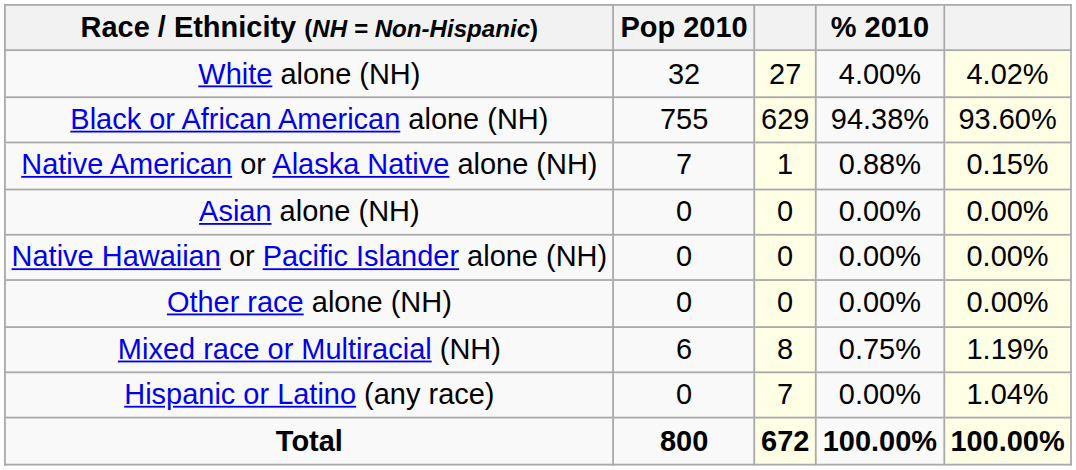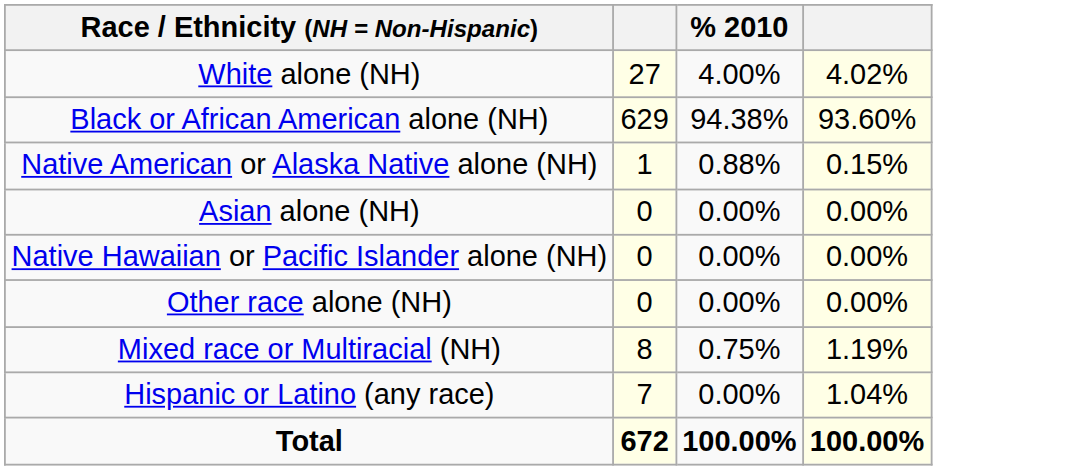 <table class="wikitable" style="text-align:center;">
 <tr>
 <th>Race / Ethnicity <small>(<em>NH = Non-Hispanic</em>)</small></th>
-<th>Pop 2010</th>
 <th></th>
 <th>% 2010</th>
 <th></th>
 </tr>
 <tr>
 <td><a href='#'>White</a> alone (NH)</td>
-<td>32</td>
 <td style='background: #ffffe6;'>27</td>
 <td>4.00%</td>
 <td style='background: #ffffe6;'>4.02%</td>
 </tr>
 <tr>
 <td><a href='#'>Black or African American</a> alone (NH)</td>
-<td>755</td>
 <td style='background: #ffffe6;'>629</td>
 <td>94.38%</td>
 <td style='background: #ffffe6;'>93.60%</td>
 </tr>
 <tr>
 <td><a href='#'>Native American</a> or <a href='#'>Alaska Native</a> alone (NH)</td>
-<td>7</td>
 <td style='background: #ffffe6;'>1</td>
 <td>0.88%</td>
 <td style='background: #ffffe6;'>0.15%</td>
 </tr>
 <tr>
 <td><a href='#'>Asian</a> alone (NH)</td>
-<td>0</td>
 <td style='background: #ffffe6;'>0</td>
 <td>0.00%</td>
 <td style='background: #ffffe6;'>0.00%</td>
 </tr>
 <tr>
 <td><a href='#'>Native Hawaiian</a> or <a href='#'>Pacific Islander</a> alone (NH)</td>
-<td>0</td>
 <td style='background: #ffffe6;'>0</td>
 <td>0.00%</td>
 <td style='background: #ffffe6;'>0.00%</td>
 </tr>
 <tr>
 <td><a href='#'>Other race</a> alone (NH)</td>
-<td>0</td>
 <td style='background: #ffffe6;'>0</td>
 <td>0.00%</td>
 <td style='background: #ffffe6;'>0.00%</td>
 </tr>
 <tr>
 <td><a href='#'>Mixed race or Multiracial</a> (NH)</td>
-<td>6</td>
 <td style='background: #ffffe6;'>8</td>
 <td>0.75%</td>
 <td style='background: #ffffe6;'>1.19%</td>
 </tr>
 <tr>
 <td><a href='#'>Hispanic or Latino</a> (any race)</td>
-<td>0</td>
 <td style='background: #ffffe6;'>7</td>
 <td>0.00%</td>
 <td style='background: #ffffe6;'>1.04%</td>
 </tr>
 <tr>
 <td><strong>Total</strong></td>
-<td><strong>800</strong></td>
 <td style='background: #ffffe6;'><strong>672</strong></td>
 <td><strong>100.00%</strong></td>
 <td style='background: #ffffe6;'><strong>100.00%</strong></td>
 </tr>
 </table>
